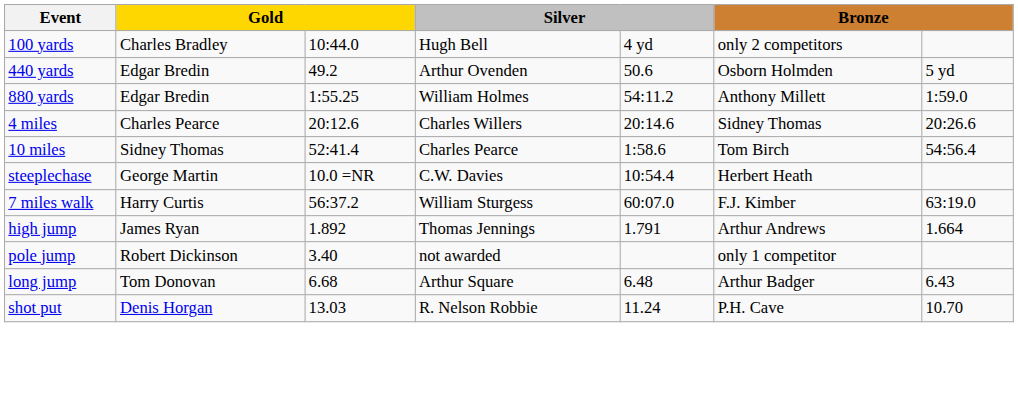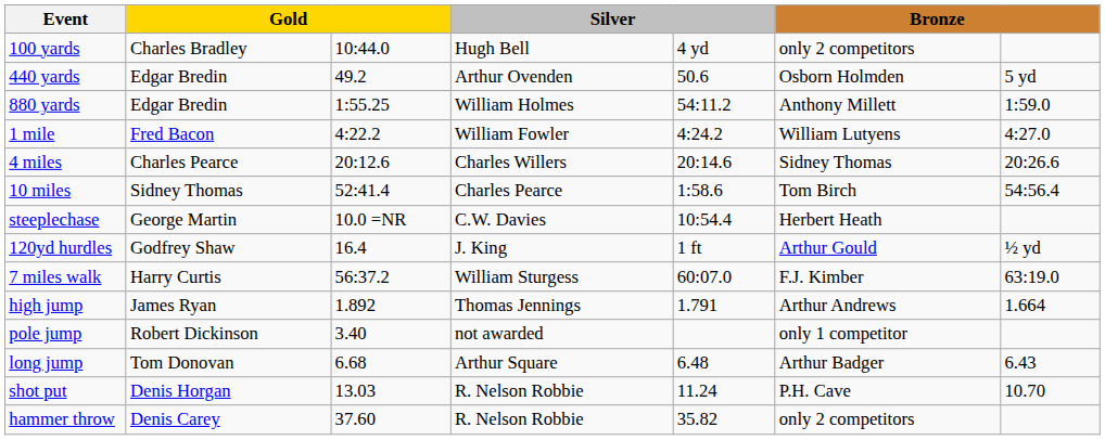 <table class="wikitable" style="text-align:left">
 <tr>
 <th width=100>Event</th>
 <th colspan="2" width="280" style="background:gold;">Gold</th>
 <th colspan="2" width="280" style="background:silver;">Silver</th>
 <th colspan="2" width="280" style="background:#CD7F32;">Bronze</th>
 </tr>
 <tr>
 <td><a href='#'>100 yards</a></td>
 <td>Charles Bradley</td>
 <td>10:44.0</td>
 <td>Hugh Bell</td>
 <td>4 yd</td>
 <td>only 2 competitors</td>
 <td></td>
 </tr>
 <tr>
 <td><a href='#'>440 yards</a></td>
 <td> Edgar Bredin</td>
 <td>49.2</td>
 <td>Arthur Ovenden</td>
 <td>50.6</td>
 <td>Osborn Holmden</td>
 <td>5 yd</td>
 </tr>
 <tr>
 <td><a href='#'>880 yards</a></td>
 <td> Edgar Bredin</td>
 <td>1:55.25</td>
 <td>William Holmes</td>
 <td>54:11.2</td>
 <td>Anthony Millett</td>
 <td>1:59.0</td>
 </tr>
 <tr>
+<td><a href='#'>1 mile</a></td>
+<td><a href='#'>Fred Bacon</a></td>
+<td>4:22.2</td>
+<td>William Fowler</td>
+<td>4:24.2</td>
+<td>William Lutyens</td>
+<td>4:27.0</td>
+</tr>
+<tr>
 <td><a href='#'>4 miles</a></td>
 <td>Charles Pearce</td>
 <td>20:12.6</td>
 <td>Charles Willers</td>
 <td>20:14.6</td>
 <td>Sidney Thomas</td>
 <td>20:26.6</td>
 </tr>
 <tr>
 <td><a href='#'>10 miles</a></td>
 <td>Sidney Thomas</td>
 <td>52:41.4</td>
 <td>Charles Pearce</td>
 <td>1:58.6</td>
 <td>Tom Birch</td>
 <td>54:56.4</td>
 </tr>
 <tr>
 <td><a href='#'>steeplechase</a></td>
 <td>George Martin</td>
 <td>10.0 =NR</td>
 <td>C.W. Davies</td>
 <td>10:54.4</td>
 <td>Herbert Heath</td>
 <td></td>
+</tr>
+<tr>
+<td><a href='#'>120yd hurdles</a></td>
+<td>Godfrey Shaw</td>
+<td>16.4</td>
+<td>J. King</td>
+<td>1 ft</td>
+<td> <a href='#'>Arthur Gould</a></td>
+<td>½ yd</td>
 </tr>
 <tr>
 <td><a href='#'>7 miles walk</a></td>
 <td>Harry Curtis</td>
 <td>56:37.2</td>
 <td>William Sturgess</td>
 <td>60:07.0</td>
 <td>F.J. Kimber</td>
 <td>63:19.0</td>
 </tr>
 <tr>
 <td><a href='#'>high jump</a></td>
 <td> James Ryan</td>
 <td>1.892</td>
 <td>Thomas Jennings</td>
 <td>1.791</td>
 <td>Arthur Andrews</td>
 <td>1.664</td>
 </tr>
 <tr>
 <td><a href='#'>pole jump</a></td>
 <td>Robert Dickinson</td>
 <td>3.40</td>
 <td>not awarded</td>
 <td></td>
 <td>only 1 competitor</td>
 <td></td>
 </tr>
 <tr>
 <td><a href='#'>long jump</a></td>
 <td> Tom Donovan</td>
 <td>6.68</td>
 <td>Arthur Square</td>
 <td>6.48</td>
 <td>Arthur Badger</td>
 <td>6.43</td>
 </tr>
 <tr>
 <td><a href='#'>shot put</a></td>
 <td> <a href='#'>Denis Horgan</a></td>
 <td>13.03</td>
 <td> R. Nelson Robbie</td>
 <td>11.24</td>
 <td>P.H. Cave</td>
 <td>10.70</td>
 </tr>
+<tr>
+<td><a href='#'>hammer throw</a></td>
+<td> <a href='#'>Denis Carey</a></td>
+<td>37.60</td>
+<td> R. Nelson Robbie</td>
+<td>35.82</td>
+<td>only 2 competitors</td>
+<td></td>
+</tr>
 </table>
